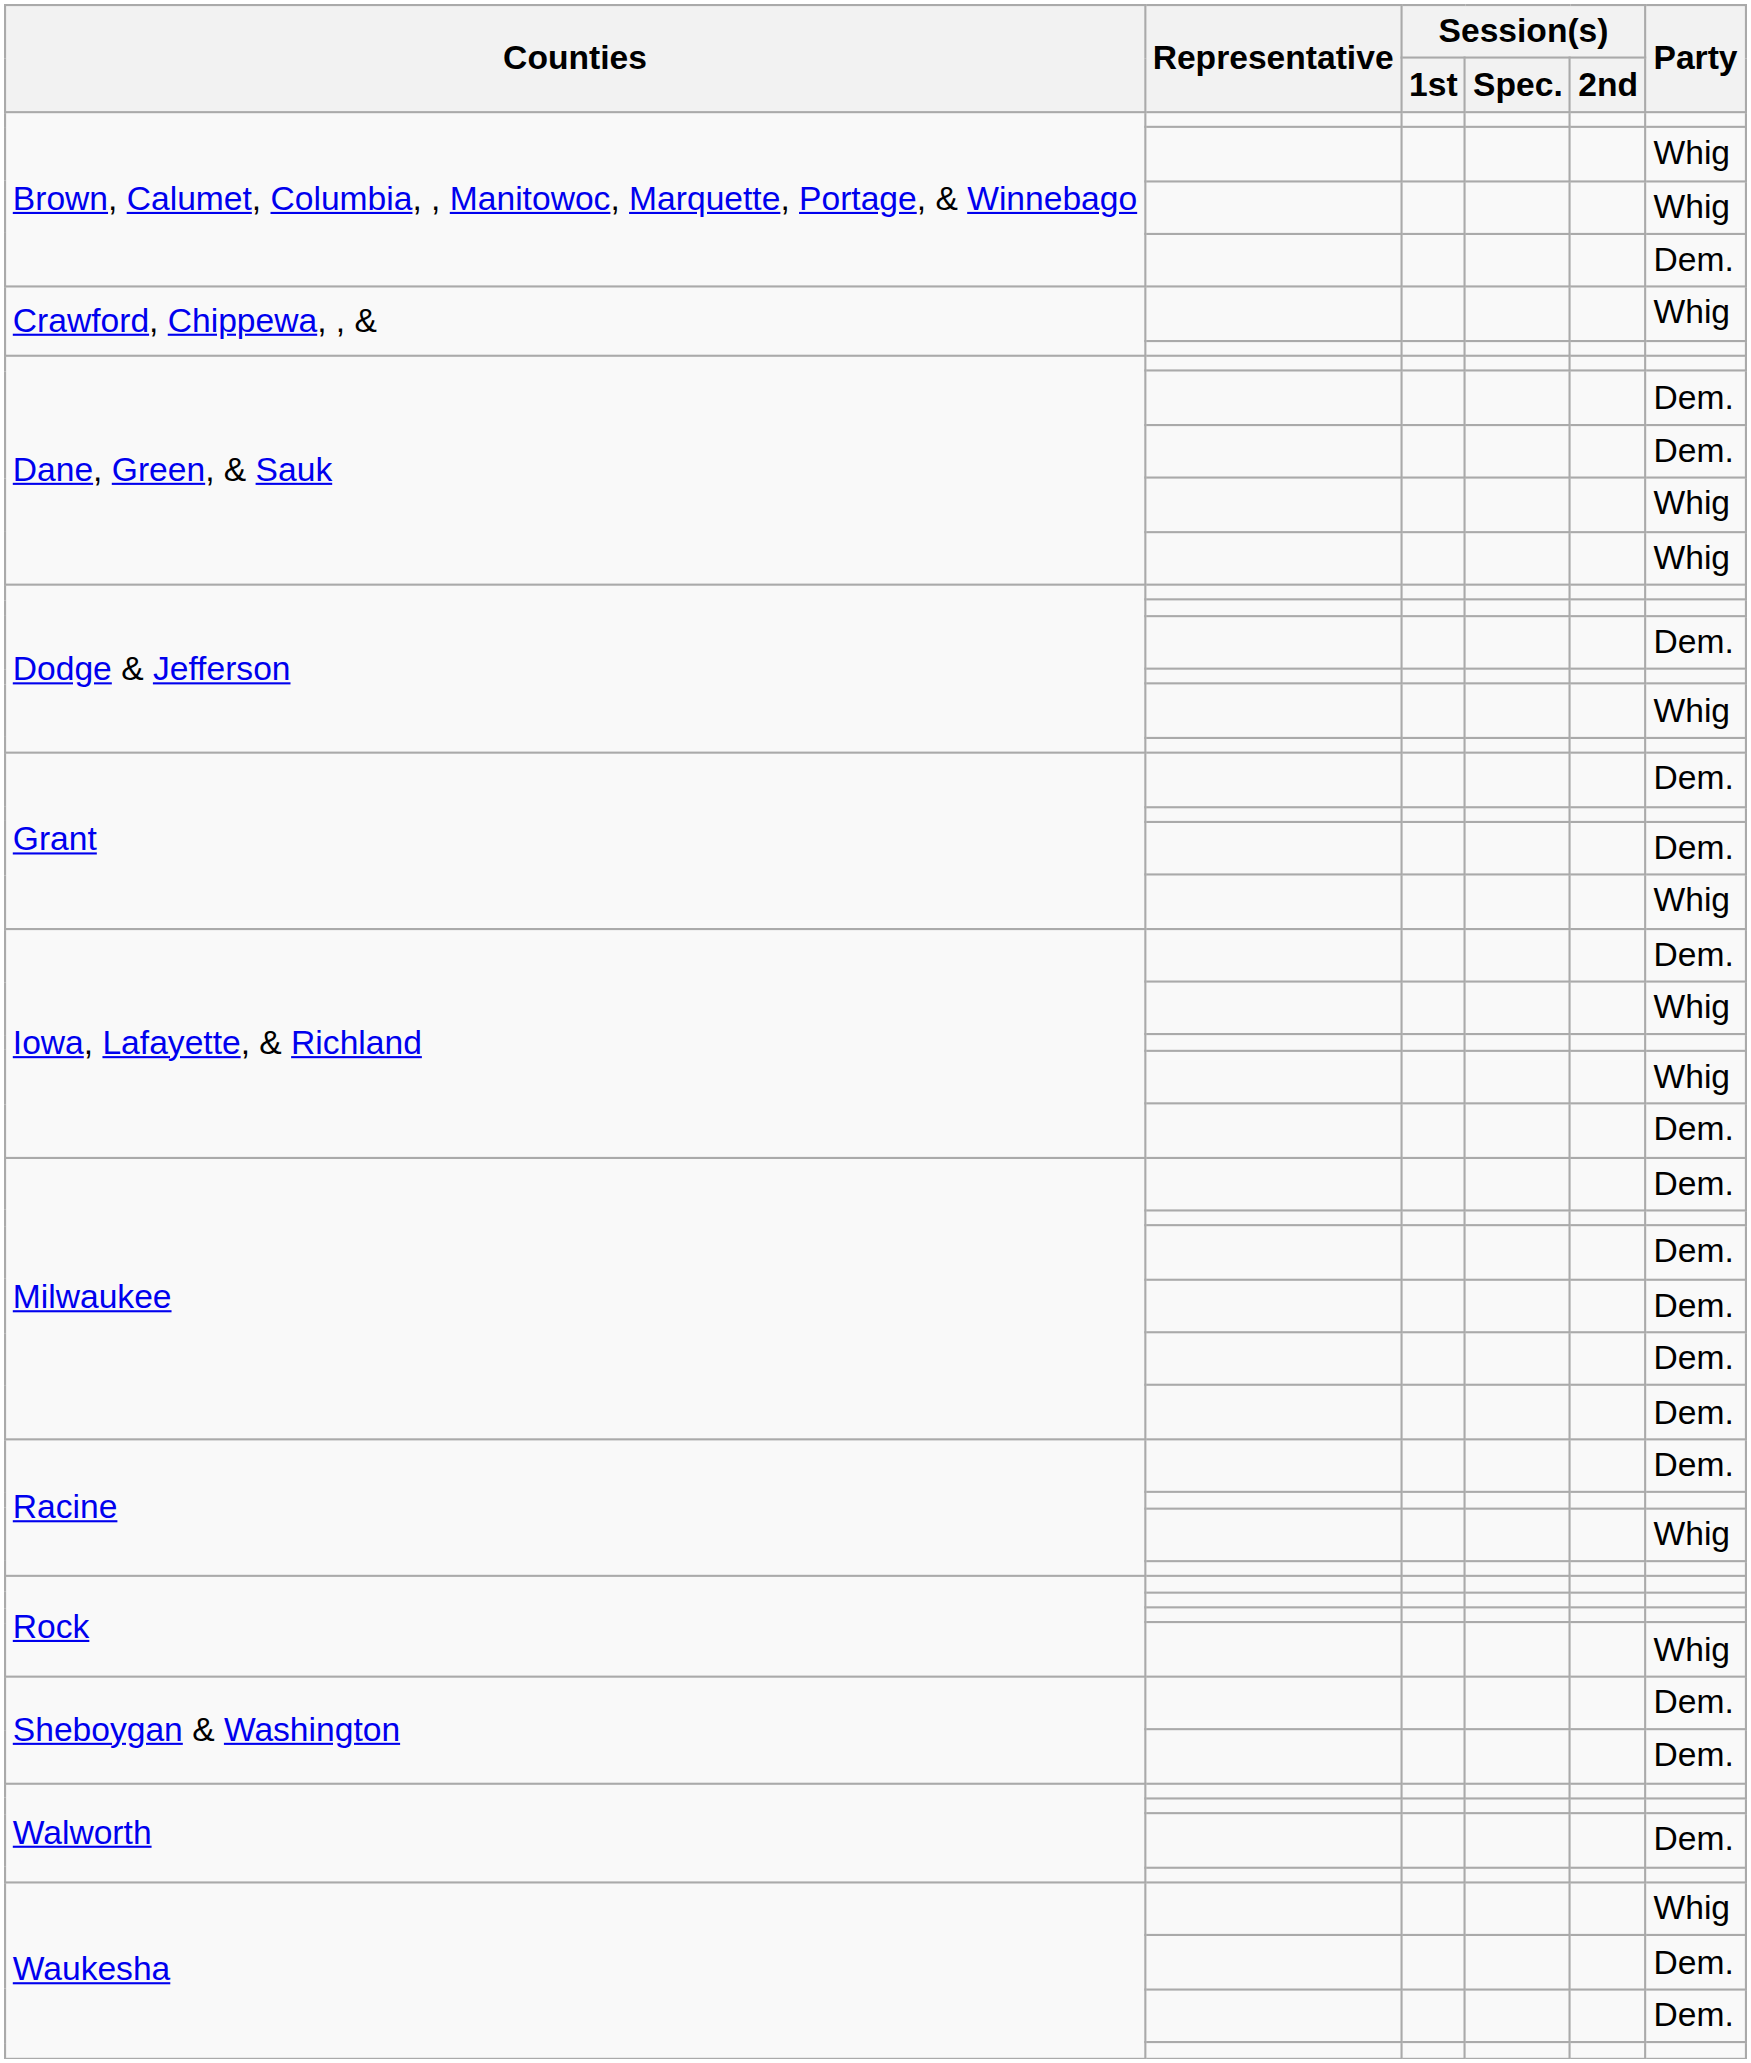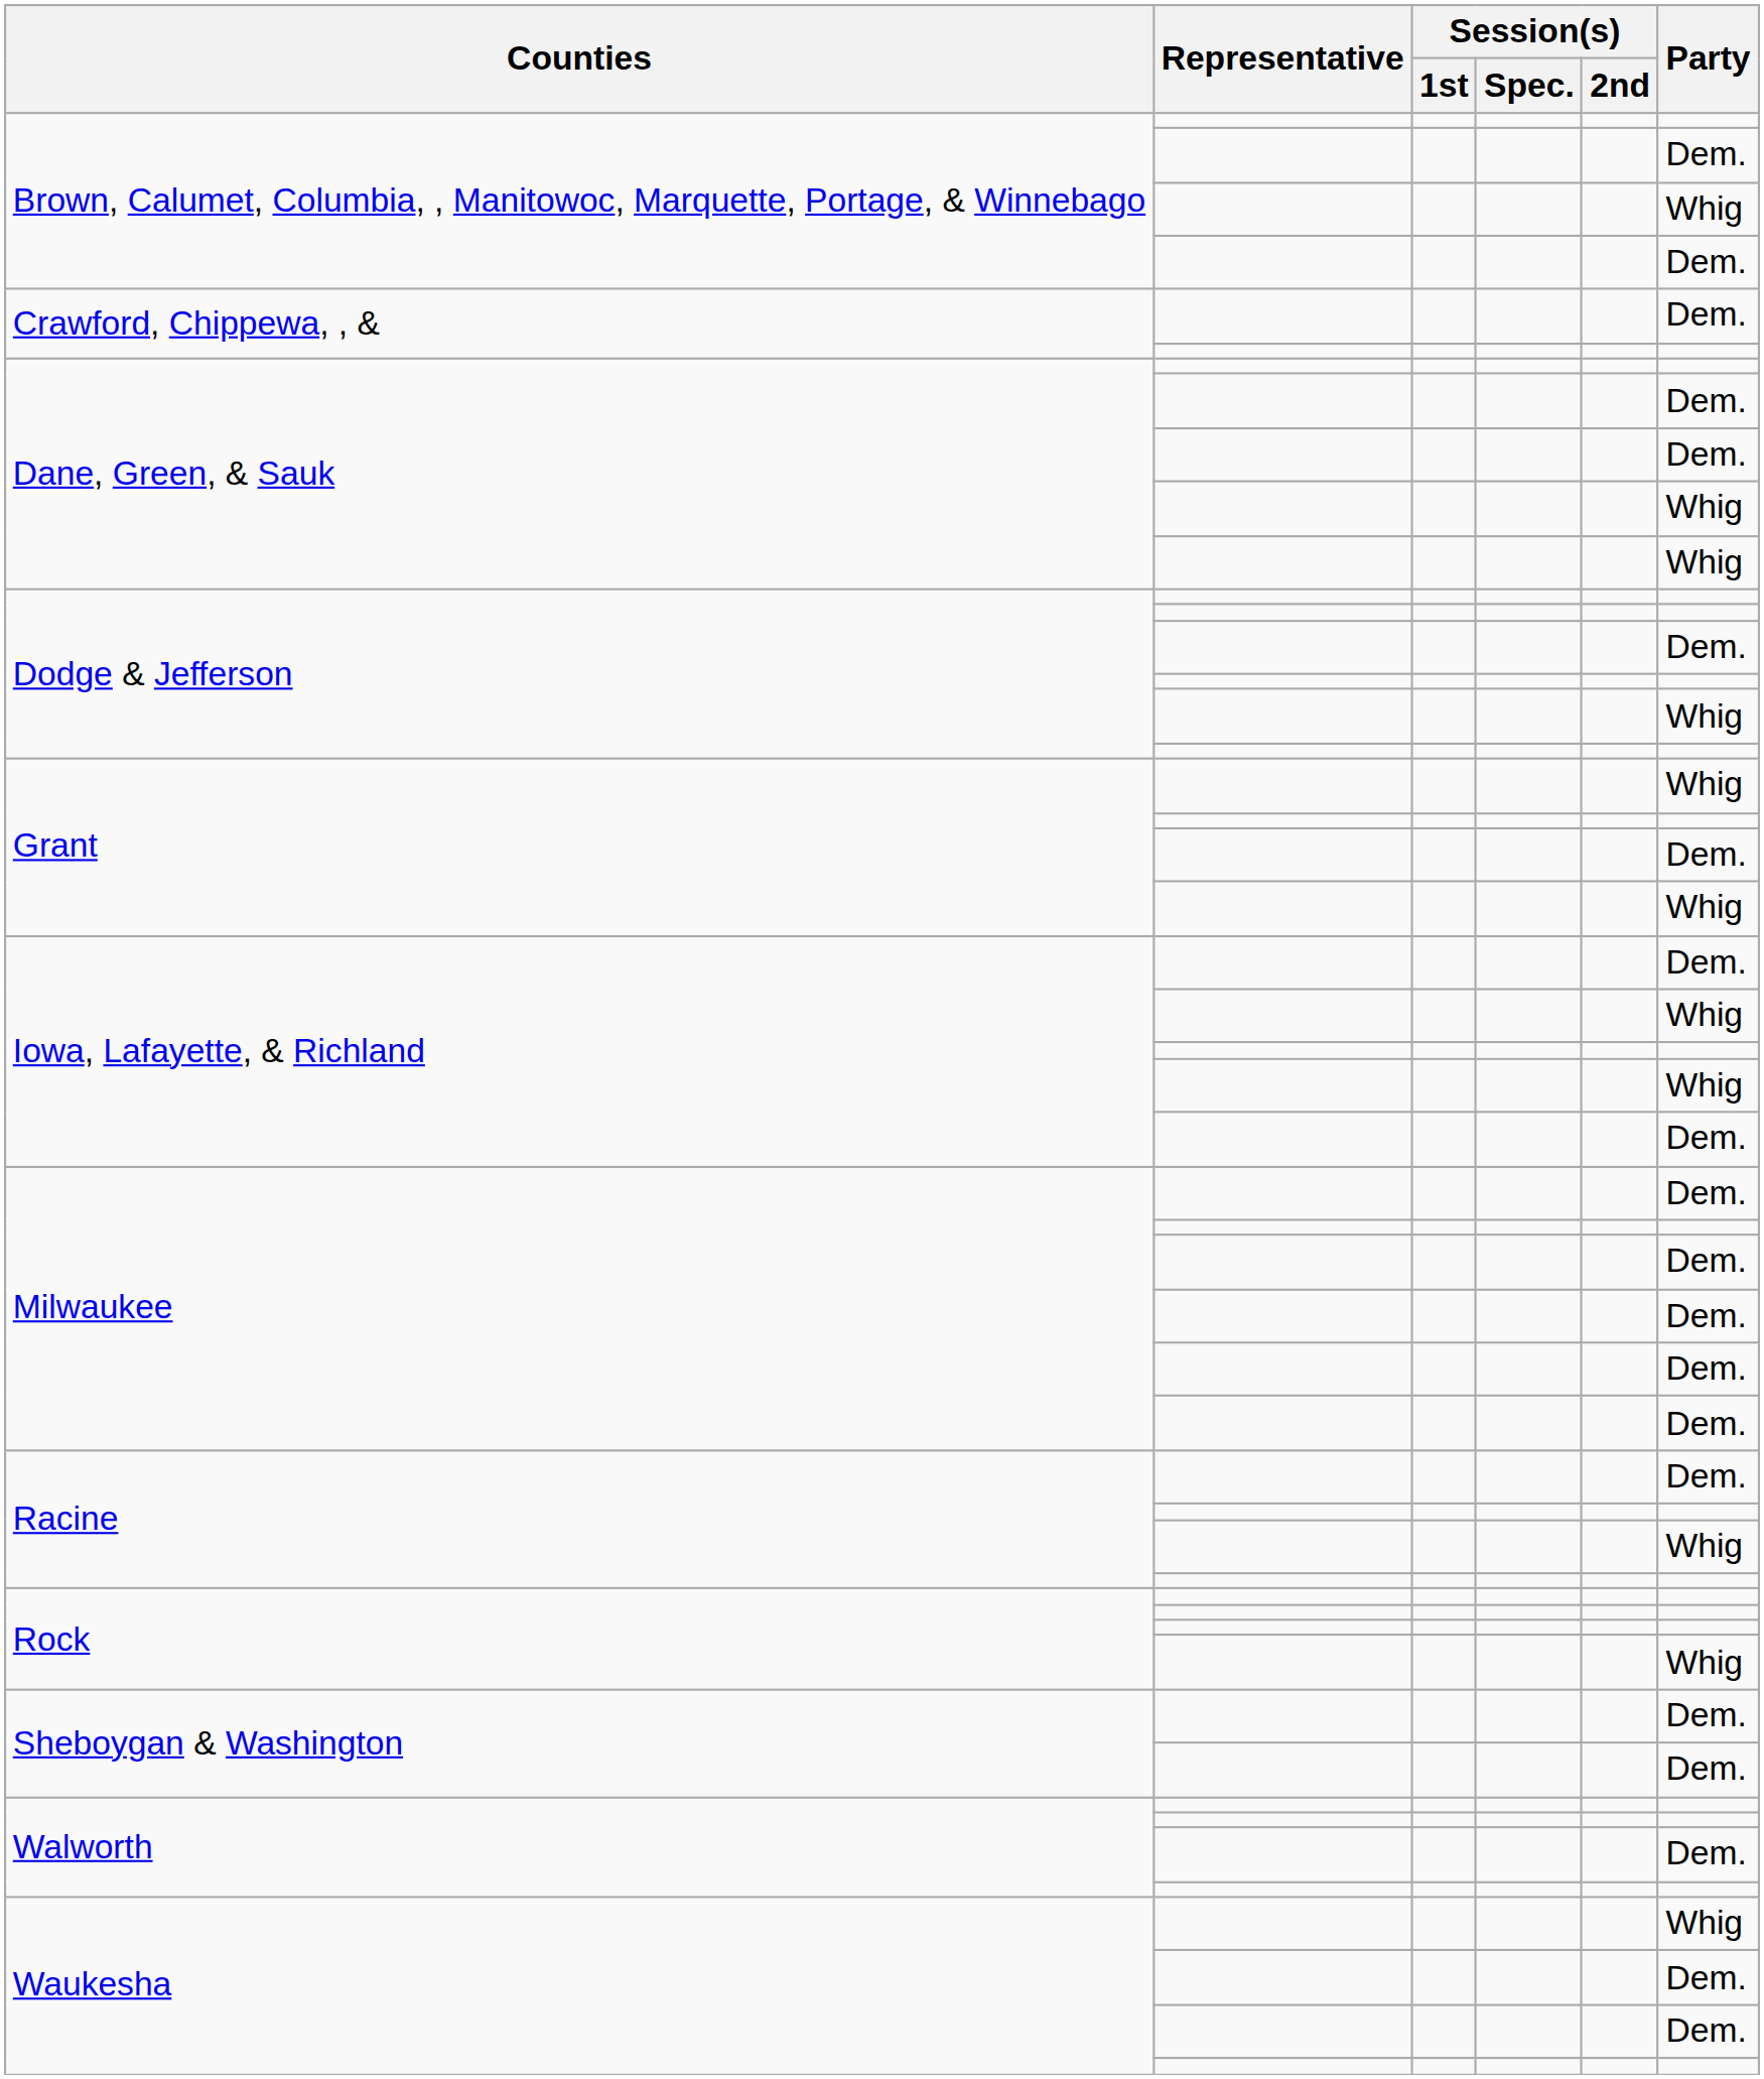 <table class="wikitable sortable">
 <tr>
 <th rowspan="2">Counties</th>
 <th rowspan="2">Representative</th>
 <th colspan="3">Session(s)</th>
 <th rowspan="2">Party</th>
 </tr>
 <tr>
 <th>1st</th>
 <th>Spec.</th>
 <th>2nd</th>
 </tr>
 <tr>
 <td rowspan="4"><a href='#'>Brown</a>, <a href='#'>Calumet</a>, <a href='#'>Columbia</a>, , <a href='#'>Manitowoc</a>, <a href='#'>Marquette</a>, <a href='#'>Portage</a>, & <a href='#'>Winnebago</a></td>
 <td></td>
 <td></td>
 <td></td>
 <td></td>
 <td></td>
 </tr>
 <tr>
 <td></td>
 <td></td>
 <td></td>
 <td></td>
-<td>Whig</td>
+<td>Dem.</td>
 </tr>
 <tr>
 <td></td>
 <td></td>
 <td></td>
 <td></td>
 <td>Whig</td>
 </tr>
 <tr>
 <td></td>
 <td></td>
 <td></td>
 <td></td>
 <td>Dem.</td>
 </tr>
 <tr>
 <td rowspan="2"><a href='#'>Crawford</a>, <a href='#'>Chippewa</a>, , & </td>
 <td></td>
 <td></td>
 <td></td>
 <td></td>
-<td>Whig</td>
+<td>Dem.</td>
 </tr>
 <tr>
 <td></td>
 <td></td>
 <td></td>
 <td></td>
 <td></td>
 </tr>
 <tr>
 <td rowspan="5"><a href='#'>Dane</a>, <a href='#'>Green</a>, & <a href='#'>Sauk</a></td>
 <td></td>
 <td></td>
 <td></td>
 <td></td>
 <td></td>
 </tr>
 <tr>
 <td></td>
 <td></td>
 <td></td>
 <td></td>
 <td>Dem.</td>
 </tr>
 <tr>
 <td></td>
 <td></td>
 <td></td>
 <td></td>
 <td>Dem.</td>
 </tr>
 <tr>
 <td></td>
 <td></td>
 <td></td>
 <td></td>
 <td>Whig</td>
 </tr>
 <tr>
 <td></td>
 <td></td>
 <td></td>
 <td></td>
 <td>Whig</td>
 </tr>
 <tr>
 <td rowspan="6"><a href='#'>Dodge</a> & <a href='#'>Jefferson</a></td>
 <td></td>
 <td></td>
 <td></td>
 <td></td>
 <td></td>
 </tr>
 <tr>
 <td></td>
 <td></td>
 <td></td>
 <td></td>
 <td></td>
 </tr>
 <tr>
 <td></td>
 <td></td>
 <td></td>
 <td></td>
 <td>Dem.</td>
 </tr>
 <tr>
 <td></td>
 <td></td>
 <td></td>
 <td></td>
 <td></td>
 </tr>
 <tr>
 <td></td>
 <td></td>
 <td></td>
 <td></td>
 <td>Whig</td>
 </tr>
 <tr>
 <td></td>
 <td></td>
 <td></td>
 <td></td>
 <td></td>
 </tr>
 <tr>
 <td rowspan="4"><a href='#'>Grant</a></td>
 <td></td>
 <td></td>
 <td></td>
 <td></td>
-<td>Dem.</td>
+<td>Whig</td>
 </tr>
 <tr>
 <td></td>
 <td></td>
 <td></td>
 <td></td>
 <td></td>
 </tr>
 <tr>
 <td></td>
 <td></td>
 <td></td>
 <td></td>
 <td>Dem.</td>
 </tr>
 <tr>
 <td></td>
 <td></td>
 <td></td>
 <td></td>
 <td>Whig</td>
 </tr>
 <tr>
 <td rowspan="5"><a href='#'>Iowa</a>, <a href='#'>Lafayette</a>, & <a href='#'>Richland</a></td>
 <td></td>
 <td></td>
 <td></td>
 <td></td>
 <td>Dem.</td>
 </tr>
 <tr>
 <td></td>
 <td></td>
 <td></td>
 <td></td>
 <td>Whig</td>
 </tr>
 <tr>
 <td></td>
 <td></td>
 <td></td>
 <td></td>
 <td></td>
 </tr>
 <tr>
 <td></td>
 <td></td>
 <td></td>
 <td></td>
 <td>Whig</td>
 </tr>
 <tr>
 <td></td>
 <td></td>
 <td></td>
 <td></td>
 <td>Dem.</td>
 </tr>
 <tr>
 <td rowspan="6"><a href='#'>Milwaukee</a></td>
 <td></td>
 <td></td>
 <td></td>
 <td></td>
 <td>Dem.</td>
 </tr>
 <tr>
 <td></td>
 <td></td>
 <td></td>
 <td></td>
 <td></td>
 </tr>
 <tr>
 <td></td>
 <td></td>
 <td></td>
 <td></td>
 <td>Dem.</td>
 </tr>
 <tr>
 <td></td>
 <td></td>
 <td></td>
 <td></td>
 <td>Dem.</td>
 </tr>
 <tr>
 <td></td>
 <td></td>
 <td></td>
 <td></td>
 <td>Dem.</td>
 </tr>
 <tr>
 <td></td>
 <td></td>
 <td></td>
 <td></td>
 <td>Dem.</td>
 </tr>
 <tr>
 <td rowspan="4"><a href='#'>Racine</a></td>
 <td></td>
 <td></td>
 <td></td>
 <td></td>
 <td>Dem.</td>
 </tr>
 <tr>
 <td></td>
 <td></td>
 <td></td>
 <td></td>
 <td></td>
 </tr>
 <tr>
 <td></td>
 <td></td>
 <td></td>
 <td></td>
 <td>Whig</td>
 </tr>
 <tr>
 <td></td>
 <td></td>
 <td></td>
 <td></td>
 <td></td>
 </tr>
 <tr>
 <td rowspan="4"><a href='#'>Rock</a></td>
 <td></td>
 <td></td>
 <td></td>
 <td></td>
 <td></td>
 </tr>
 <tr>
 <td></td>
 <td></td>
 <td></td>
 <td></td>
 <td></td>
 </tr>
 <tr>
 <td></td>
 <td></td>
 <td></td>
 <td></td>
 <td></td>
 </tr>
 <tr>
 <td></td>
 <td></td>
 <td></td>
 <td></td>
 <td>Whig</td>
 </tr>
 <tr>
 <td rowspan="2"><a href='#'>Sheboygan</a> & <a href='#'>Washington</a></td>
 <td></td>
 <td></td>
 <td></td>
 <td></td>
 <td>Dem.</td>
 </tr>
 <tr>
 <td></td>
 <td></td>
 <td></td>
 <td></td>
 <td>Dem.</td>
 </tr>
 <tr>
 <td rowspan="4"><a href='#'>Walworth</a></td>
 <td></td>
 <td></td>
 <td></td>
 <td></td>
 <td></td>
 </tr>
 <tr>
 <td></td>
 <td></td>
 <td></td>
 <td></td>
 <td></td>
 </tr>
 <tr>
 <td></td>
 <td></td>
 <td></td>
 <td></td>
 <td>Dem.</td>
 </tr>
 <tr>
 <td></td>
 <td></td>
 <td></td>
 <td></td>
 <td></td>
 </tr>
 <tr>
 <td rowspan="4"><a href='#'>Waukesha</a></td>
 <td></td>
 <td></td>
 <td></td>
 <td></td>
 <td>Whig</td>
 </tr>
 <tr>
 <td></td>
 <td></td>
 <td></td>
 <td></td>
 <td>Dem.</td>
 </tr>
 <tr>
 <td></td>
 <td></td>
 <td></td>
 <td></td>
 <td>Dem.</td>
 </tr>
 <tr>
 <td></td>
 <td></td>
 <td></td>
 <td></td>
 <td></td>
 </tr>
 </table>
